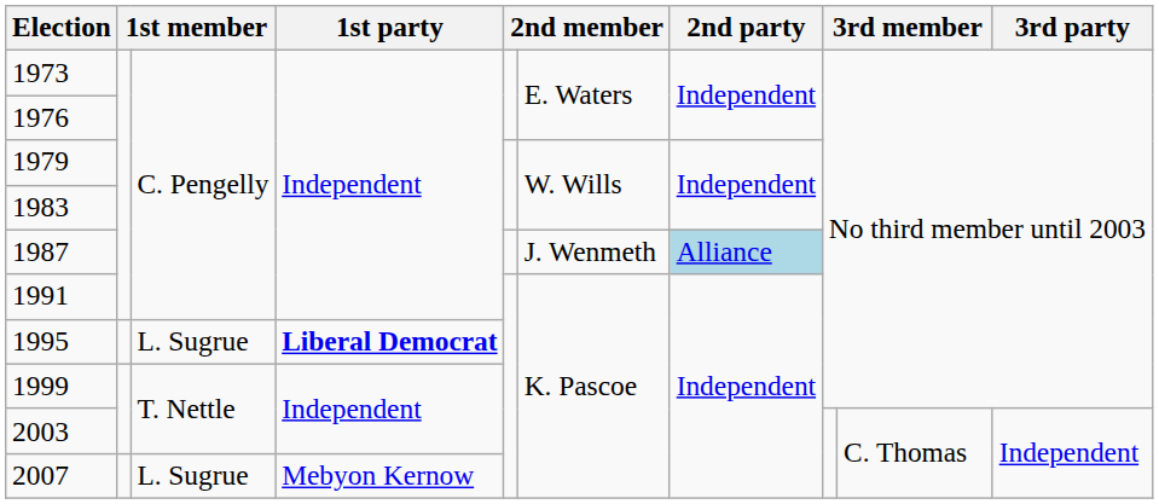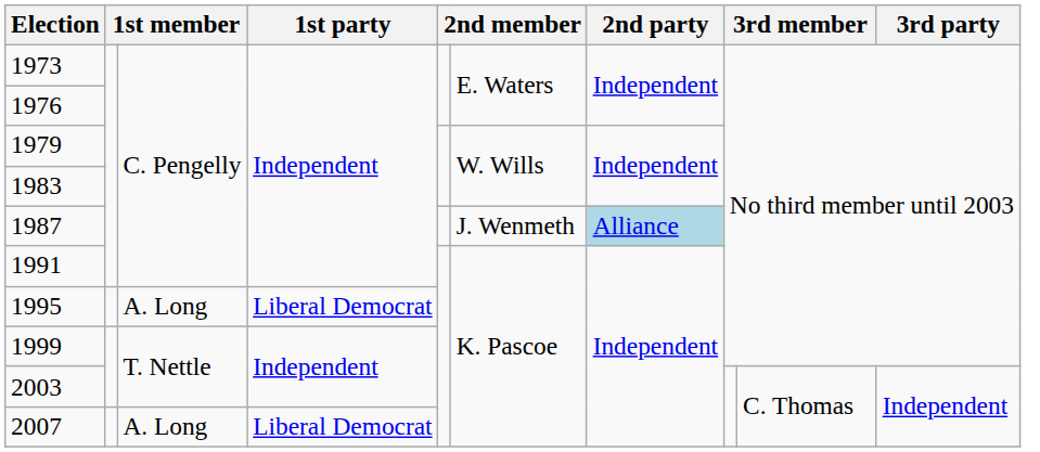 <table class="wikitable">
 <tr>
 <th>Election</th>
 <th colspan="2">1st member</th>
 <th>1st party</th>
 <th colspan="2">2nd member</th>
 <th>2nd party</th>
 <th colspan="2">3rd member</th>
 <th>3rd party</th>
 </tr>
 <tr>
 <td>1973</td>
 <td rowspan="6" style="background-color: "></td>
 <td rowspan="6">C. Pengelly</td>
 <td rowspan="6"><a href='#'>Independent</a></td>
 <td rowspan="2" style="background-color: "></td>
 <td rowspan="2">E. Waters</td>
 <td rowspan="2"><a href='#'>Independent</a></td>
 <td rowspan="8" colspan="3">No third member until 2003</td>
 </tr>
 <tr>
 <td>1976</td>
 </tr>
 <tr>
 <td>1979</td>
 <td rowspan="2" style="background-color: "></td>
 <td rowspan="2">W. Wills</td>
 <td rowspan="2"><a href='#'>Independent</a></td>
 </tr>
 <tr>
 <td>1983</td>
 </tr>
 <tr>
 <td>1987</td>
 <td rowspan="1" style="background-color: "></td>
 <td rowspan="1">J. Wenmeth</td>
 <td rowspan="1" style="background: lightblue;"><a href='#'>Alliance</a></td>
 </tr>
 <tr>
 <td>1991</td>
 <td rowspan="5" style="background-color: "></td>
 <td rowspan="5">K. Pascoe</td>
 <td rowspan="5"><a href='#'>Independent</a></td>
 </tr>
 <tr>
 <td>1995</td>
 <td rowspan="1" style="background-color: "></td>
-<td rowspan="1">L. Sugrue</td>
-<td rowspan="1"><strong><a href='#'>Liberal Democrat</a></strong></td>
+<td rowspan="1">A. Long</td>
+<td rowspan="1"><a href='#'>Liberal Democrat</a></td>
 </tr>
 <tr>
 <td>1999</td>
 <td rowspan="2" style="background-color: "></td>
 <td rowspan="2">T. Nettle</td>
 <td rowspan="2"><a href='#'>Independent</a></td>
 </tr>
 <tr>
 <td>2003</td>
 <td rowspan="2" style="background-color: "></td>
 <td rowspan="2">C. Thomas</td>
 <td rowspan="2"><a href='#'>Independent</a></td>
 </tr>
 <tr>
 <td>2007</td>
 <td rowspan="1" style="background-color: "></td>
-<td rowspan="1">L. Sugrue</td>
-<td rowspan="1"><a href='#'>Mebyon Kernow</a></td>
+<td rowspan="1">A. Long</td>
+<td rowspan="1"><a href='#'>Liberal Democrat</a></td>
 </tr>
 </table>
